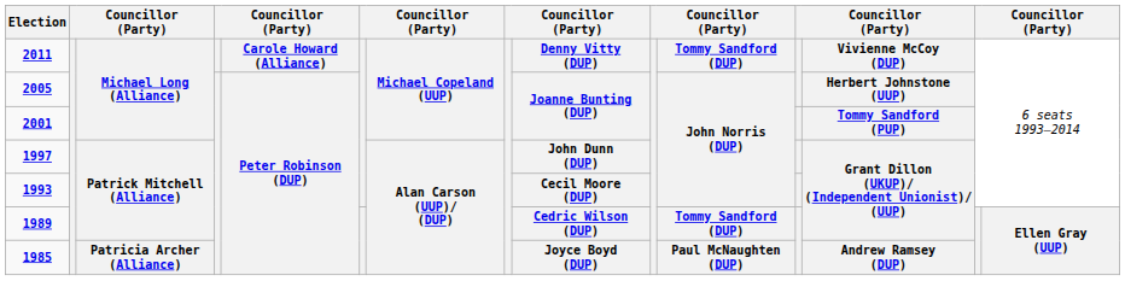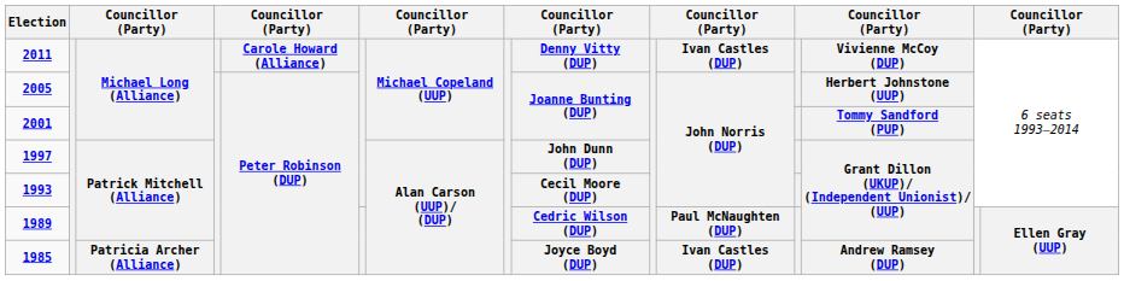 <table class="wikitable" style="text-align:center">
 <tr>
 <th scope="col" width="50">Election</th>
 <th scope="col" width="150" colspan = "2">Councillor<br> (Party)</th>
 <th scope="col" width="150" colspan = "2">Councillor<br> (Party)</th>
 <th scope="col" width="150" colspan = "2">Councillor<br> (Party)</th>
 <th scope="col" width="150" colspan = "2">Councillor<br> (Party)</th>
 <th scope="col" width="150" colspan = "2">Councillor<br> (Party)</th>
 <th scope="col" width="150" colspan = "2">Councillor<br> (Party)</th>
 <th scope="col" width="150" colspan = "2">Councillor<br> (Party)</th>
 </tr>
 <tr>
 <td><strong><a href='#'>2011</a></strong></td>
 <th rowspan="7" width="1" style="background-color: "></th>
 <th rowspan = "3"><a href='#'>Michael Long</a> <br> (<a href='#'>Alliance</a>)</th>
 <th rowspan="1" width="1" style="background-color: "></th>
 <th rowspan = "1"><a href='#'>Carole Howard</a><br> (<a href='#'>Alliance</a>)</th>
 <th rowspan="5" width="1" style="background-color: "></th>
 <th rowspan = "3"><a href='#'>Michael Copeland</a> <br> (<a href='#'>UUP</a>)</th>
 <th rowspan="7" width="1" style="background-color: "></th>
 <th rowspan = "1"><a href='#'>Denny Vitty</a> <br> (<a href='#'>DUP</a>)</th>
 <th rowspan="7" width="1" style="background-color: "></th>
-<th rowspan = "1"><a href='#'>Tommy Sandford</a> <br> (<a href='#'>DUP</a>)</th>
+<th rowspan = "1">Ivan Castles <br> (<a href='#'>DUP</a>)</th>
 <th rowspan="2" width="1" style="background-color: "></th>
 <th rowspan = "1">Vivienne McCoy <br> (<a href='#'>DUP</a>)</th>
 <td colspan="2" rowspan="5" style="background-color:#FFFFFF"><em>6 seats<br>1993–2014</em></td>
 </tr>
 <tr>
 <td><strong><a href='#'>2005</a></strong></td>
 <th rowspan="6" width="1" style="background-color: "></th>
 <th rowspan = "6"><a href='#'>Peter Robinson</a> <br> (<a href='#'>DUP</a>)</th>
 <th rowspan = "2"><a href='#'>Joanne Bunting</a> <br> (<a href='#'>DUP</a>)</th>
 <th rowspan = "4">John Norris <br> (<a href='#'>DUP</a>)</th>
 <th rowspan = "1">Herbert Johnstone <br> (<a href='#'>UUP</a>)</th>
 </tr>
 <tr>
 <td><strong><a href='#'>2001</a></strong></td>
 <th rowspan="1" width="1" style="background-color: "></th>
 <th rowspan = "1"><a href='#'>Tommy Sandford</a> <br> (<a href='#'>PUP</a>)</th>
 </tr>
 <tr>
 <td><strong><a href='#'>1997</a></strong></td>
 <th rowspan = "3">Patrick Mitchell <br> (<a href='#'>Alliance</a>)</th>
 <th rowspan = "4">Alan Carson <br> (<a href='#'>UUP</a>)/ <br> (<a href='#'>DUP</a>)</th>
 <th rowspan = "1">John Dunn <br> (<a href='#'>DUP</a>)</th>
 <th rowspan="1" width="1" style="background-color: "></th>
 <th rowspan = "3">Grant Dillon <br> (<a href='#'>UKUP</a>)/ <br> (<a href='#'>Independent Unionist</a>)/ <br> (<a href='#'>UUP</a>)</th>
 </tr>
 <tr>
 <td><strong><a href='#'>1993</a></strong></td>
 <th rowspan = "1">Cecil Moore <br> (<a href='#'>DUP</a>)</th>
 <th rowspan="1" width="1" style="background-color: "></th>
 </tr>
 <tr>
 <td><strong><a href='#'>1989</a></strong></td>
 <th rowspan="2" width="1" style="background-color: "></th>
 <th rowspan = "1"><a href='#'>Cedric Wilson</a> <br> (<a href='#'>DUP</a>)</th>
-<th rowspan = "1"><a href='#'>Tommy Sandford</a> <br> (<a href='#'>DUP</a>)</th>
+<th rowspan = "1">Paul McNaughten <br> (<a href='#'>DUP</a>)</th>
 <th rowspan="2" width="1" style="background-color: "></th>
 <th rowspan="2" width="1" style="background-color: "></th>
 <th rowspan = "2">Ellen Gray <br> (<a href='#'>UUP</a>)</th>
 </tr>
 <tr>
 <td><strong><a href='#'>1985</a></strong></td>
 <th rowspan = "1">Patricia Archer <br> (<a href='#'>Alliance</a>)</th>
 <th rowspan = "1">Joyce Boyd <br> (<a href='#'>DUP</a>)</th>
-<th rowspan = "1">Paul McNaughten <br> (<a href='#'>DUP</a>)</th>
+<th rowspan = "1">Ivan Castles <br> (<a href='#'>DUP</a>)</th>
 <th rowspan = "1">Andrew Ramsey <br> (<a href='#'>DUP</a>)</th>
 </tr>
 </table>
